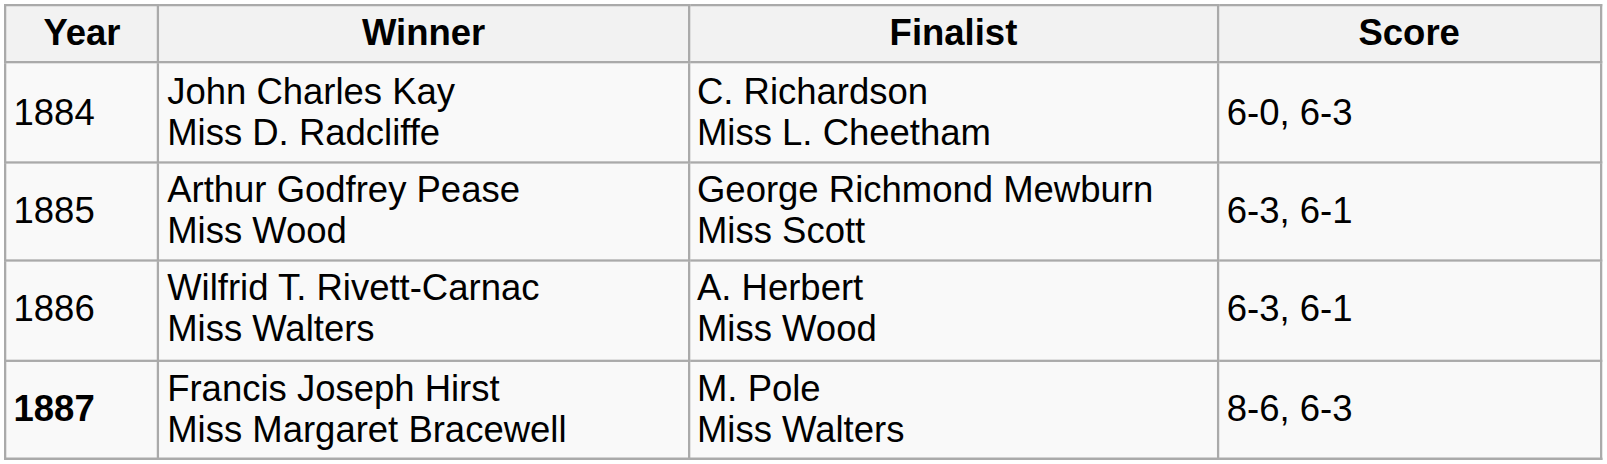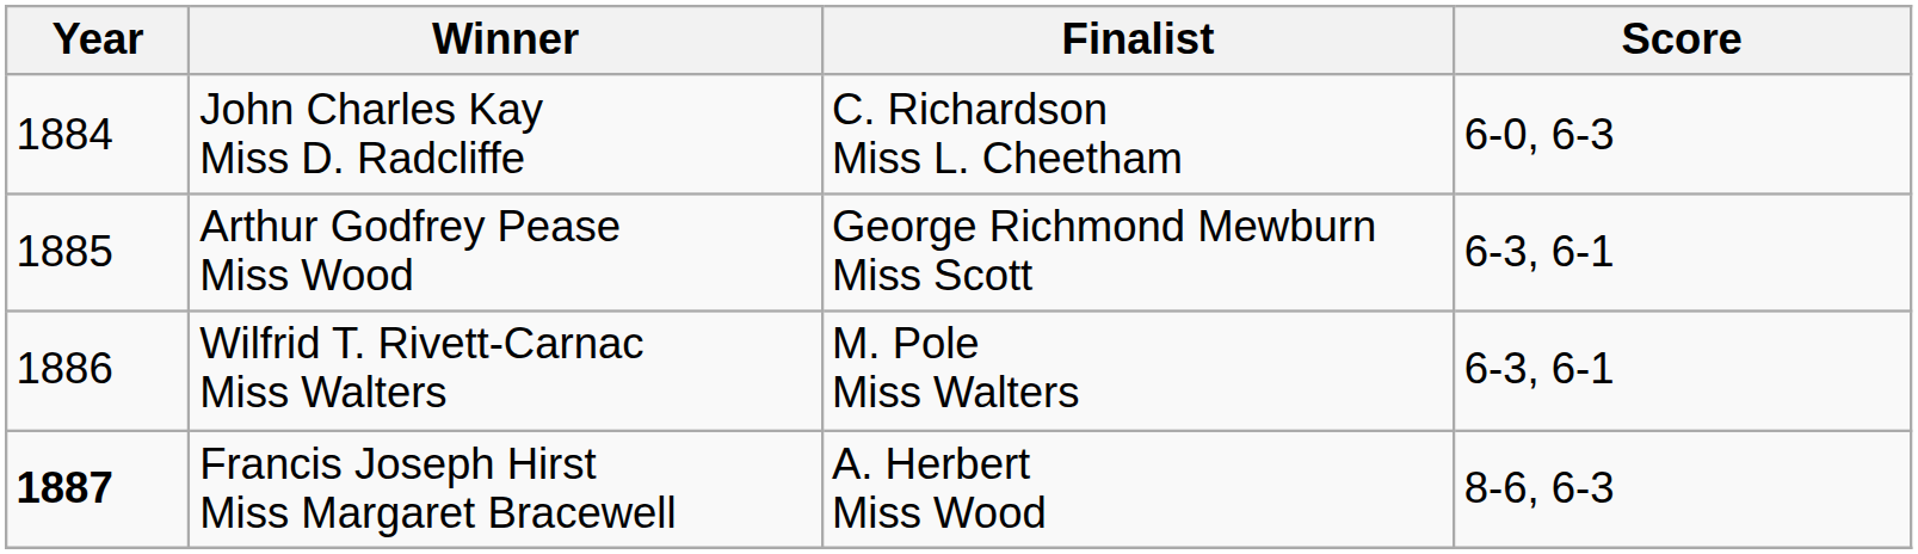 <table class="wikitable">
 <tr>
 <th style="width:60px;">Year</th>
 <th style="width:225px;">Winner</th>
 <th style="width:225px;">Finalist</th>
 <th style="width:160px;">Score</th>
 </tr>
 <tr>
 <td>1884</td>
 <td> John Charles Kay<br> Miss D. Radcliffe</td>
 <td> C. Richardson<br> Miss L. Cheetham</td>
 <td>6-0, 6-3</td>
 </tr>
 <tr>
 <td>1885</td>
 <td> Arthur Godfrey Pease<br> Miss Wood</td>
 <td> George Richmond Mewburn<br> Miss Scott</td>
 <td>6-3, 6-1</td>
 </tr>
 <tr>
 <td>1886</td>
 <td> Wilfrid T. Rivett-Carnac<br> Miss Walters</td>
-<td> A. Herbert<br> Miss Wood</td>
+<td> M. Pole<br> Miss Walters</td>
 <td>6-3, 6-1</td>
 </tr>
 <tr>
 <td><strong>1887</strong></td>
 <td> Francis Joseph Hirst<br> Miss Margaret Bracewell</td>
-<td> M. Pole<br> Miss Walters</td>
+<td> A. Herbert<br> Miss Wood</td>
 <td>8-6, 6-3</td>
 </tr>
 <tr>
 </tr>
 </table>
